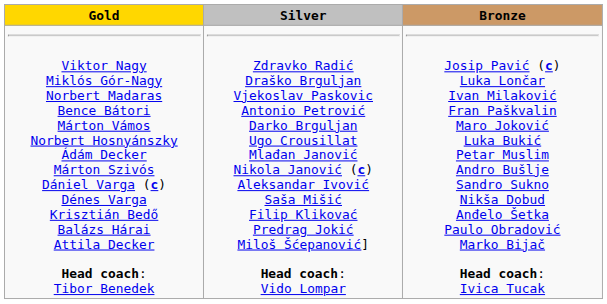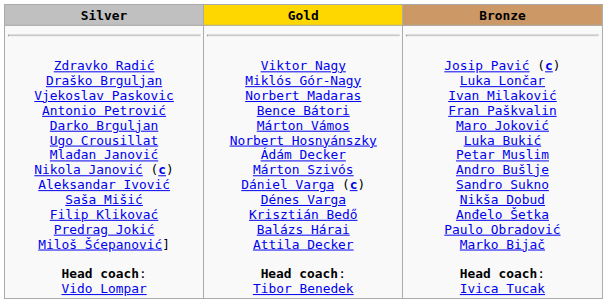 <table class="wikitable">
 <tr>
+<th style="text-align:center; width:15em; background-color:silver;">Silver</th>
 <th style="text-align:center; width:15em; background-color:gold;">Gold</th>
-<th style="text-align:center; width:15em; background-color:silver;">Silver</th>
 <th style="text-align:center; width:15em; background-color:#CC9966;">Bronze</th>
 </tr>
 <tr>
+<td style="text-align:center; vertical-align:top;"><strong></strong> <hr><br><a href='#'>Zdravko Radić</a><br><a href='#'>Draško Brguljan</a><br><a href='#'>Vjekoslav Paskovic</a><br><a href='#'>Antonio Petrović</a><br><a href='#'>Darko Brguljan</a><br><a href='#'>Ugo Crousillat</a><br><a href='#'>Mlađan Janović</a><br><a href='#'>Nikola Janović</a> (<a href='#'><strong>c</strong></a>)<br><a href='#'>Aleksandar Ivović</a><br><a href='#'>Saša Mišić</a><br><a href='#'>Filip Klikovać</a><br><a href='#'>Predrag Jokić</a><br><a href='#'>Miloš Šćepanović</a>]<br><br><strong>Head coach</strong>: <br><a href='#'>Vido Lompar</a></td>
 <td style="text-align:center; vertical-align:top;"><strong></strong> <hr><br><a href='#'>Viktor Nagy</a><br><a href='#'>Miklós Gór-Nagy</a><br><a href='#'>Norbert Madaras</a><br><a href='#'>Bence Bátori</a><br><a href='#'>Márton Vámos</a><br><a href='#'>Norbert Hosnyánszky</a><br><a href='#'>Ádám Decker</a><br><a href='#'>Márton Szivós</a><br><a href='#'>Dániel Varga</a> (<a href='#'><strong>c</strong></a>)<br><a href='#'>Dénes Varga</a> <br><a href='#'>Krisztián Bedő</a><br><a href='#'>Balázs Hárai</a><br><a href='#'>Attila Decker</a><br><br><strong>Head coach</strong>: <br><a href='#'>Tibor Benedek</a></td>
-<td style="text-align:center; vertical-align:top;"><strong></strong> <hr><br><a href='#'>Zdravko Radić</a><br><a href='#'>Draško Brguljan</a><br><a href='#'>Vjekoslav Paskovic</a><br><a href='#'>Antonio Petrović</a><br><a href='#'>Darko Brguljan</a><br><a href='#'>Ugo Crousillat</a><br><a href='#'>Mlađan Janović</a><br><a href='#'>Nikola Janović</a> (<a href='#'><strong>c</strong></a>)<br><a href='#'>Aleksandar Ivović</a><br><a href='#'>Saša Mišić</a><br><a href='#'>Filip Klikovać</a><br><a href='#'>Predrag Jokić</a><br><a href='#'>Miloš Šćepanović</a>]<br><br><strong>Head coach</strong>: <br><a href='#'>Vido Lompar</a></td>
 <td style="text-align:center; vertical-align:top;"><strong></strong> <hr><br><a href='#'>Josip Pavić</a> (<a href='#'><strong>c</strong></a>)<br><a href='#'>Luka Lončar</a><br><a href='#'>Ivan Milaković</a><br><a href='#'>Fran Paškvalin</a><br><a href='#'>Maro Joković</a><br><a href='#'>Luka Bukić</a><br><a href='#'>Petar Muslim</a><br><a href='#'>Andro Bušlje</a><br><a href='#'>Sandro Sukno</a><br><a href='#'>Nikša Dobud</a><br><a href='#'>Anđelo Šetka</a><br><a href='#'>Paulo Obradović</a><br><a href='#'>Marko Bijač</a><br><br><strong>Head coach</strong>: <br><a href='#'>Ivica Tucak</a></td>
 </tr>
 </table>
